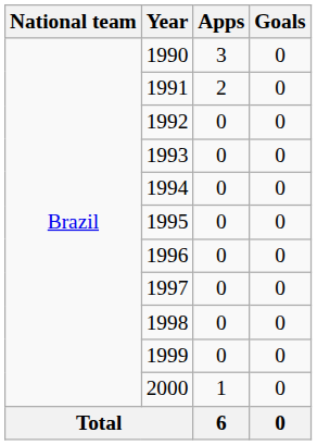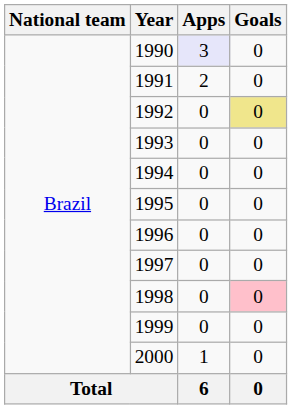 <table class="wikitable" style="text-align:center">
 <tr>
 <th>National team</th>
 <th>Year</th>
 <th>Apps</th>
 <th>Goals</th>
 </tr>
 <tr>
 <td rowspan="11"><a href='#'>Brazil</a></td>
 <td>1990</td>
-<td>3</td>
+<td style="background: lavender;">3</td>
 <td>0</td>
 </tr>
 <tr>
 <td>1991</td>
 <td>2</td>
 <td>0</td>
 </tr>
 <tr>
 <td>1992</td>
 <td>0</td>
-<td>0</td>
+<td style="background: khaki;">0</td>
 </tr>
 <tr>
 <td>1993</td>
 <td>0</td>
 <td>0</td>
 </tr>
 <tr>
 <td>1994</td>
 <td>0</td>
 <td>0</td>
 </tr>
 <tr>
 <td>1995</td>
 <td>0</td>
 <td>0</td>
 </tr>
 <tr>
 <td>1996</td>
 <td>0</td>
 <td>0</td>
 </tr>
 <tr>
 <td>1997</td>
 <td>0</td>
 <td>0</td>
 </tr>
 <tr>
 <td>1998</td>
 <td>0</td>
-<td>0</td>
+<td style="background: pink;">0</td>
 </tr>
 <tr>
 <td>1999</td>
 <td>0</td>
 <td>0</td>
 </tr>
 <tr>
 <td>2000</td>
 <td>1</td>
 <td>0</td>
 </tr>
 <tr>
 <th colspan="2">Total</th>
 <th>6</th>
 <th>0</th>
 </tr>
 </table>
